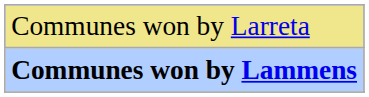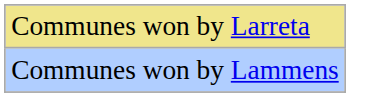 <table class="wikitable">
 <tr bgcolor="khaki">
 <td>Communes won by <a href='#'>Larreta</a></td>
 </tr>
 <tr bgcolor="#B0CEFF">
-<td><strong>Communes won by <a href='#'>Lammens</a></strong></td>
+<td>Communes won by <a href='#'>Lammens</a></td>
 </tr>
 </table>
